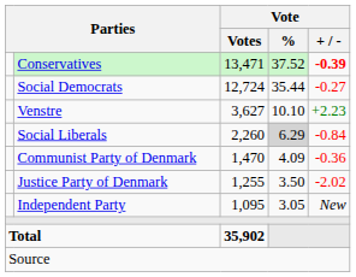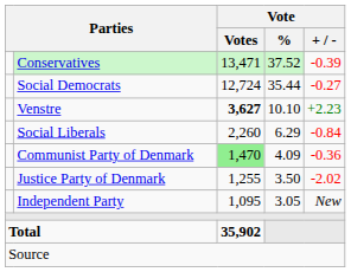 <table class="wikitable" style="text-align:right;">
 <tr>
 <th style="text-align:centre;" rowspan="2" colspan="2" width="225">Parties</th>
 <th colspan="3">Vote</th>
 </tr>
 <tr>
 <th width="15">Votes</th>
 <th width="15">%</th>
 <th width="15">+ / -</th>
 </tr>
 <tr>
 <td width="2" style="color:inherit;background:"></td>
 <td bgcolor=#ccf7cc  align="left"><a href='#'>Conservatives</a></td>
 <td bgcolor=#ccf7cc>13,471</td>
 <td bgcolor=#ccf7cc>37.52</td>
-<td style=color:red;><strong>-0.39</strong></td>
+<td style=color:red;>-0.39</td>
 </tr>
 <tr>
 <td width="2" style="color:inherit;background:"></td>
 <td align="left"><a href='#'>Social Democrats</a></td>
 <td>12,724</td>
 <td>35.44</td>
 <td style=color:red;>-0.27</td>
 </tr>
 <tr>
 <td width="2" style="color:inherit;background:"></td>
 <td align="left"><a href='#'>Venstre</a></td>
-<td>3,627</td>
+<td><strong>3,627</strong></td>
 <td>10.10</td>
 <td style=color:green;>+2.23</td>
 </tr>
 <tr>
 <td width="2" style="color:inherit;background:"></td>
 <td align="left"><a href='#'>Social Liberals</a></td>
 <td>2,260</td>
-<td style="background: lightgrey;">6.29</td>
+<td>6.29</td>
 <td style=color:red;>-0.84</td>
 </tr>
 <tr>
 <td width="2" style="color:inherit;background:"></td>
 <td align="left"><a href='#'>Communist Party of Denmark</a></td>
-<td>1,470</td>
+<td style="background: lightgreen;">1,470</td>
 <td>4.09</td>
 <td style=color:red;>-0.36</td>
 </tr>
 <tr>
 <td width="2" style="color:inherit;background:"></td>
 <td align="left"><a href='#'>Justice Party of Denmark</a></td>
 <td>1,255</td>
 <td>3.50</td>
 <td style=color:red;>-2.02</td>
 </tr>
 <tr>
 <td width="2" style="color:inherit;background:"></td>
 <td align="left"><a href='#'>Independent Party</a></td>
 <td>1,095</td>
 <td>3.05</td>
 <td><em>New</em></td>
 </tr>
 <tr>
 <td colspan="7" bgcolor="#E9E9E9"></td>
 </tr>
 <tr>
 <td align="left" colspan="2"><strong>Total</strong></td>
 <td><strong>35,902</strong></td>
 <td bgcolor="#E9E9E9" colspan="2"></td>
 </tr>
 <tr>
 <td align="left" colspan="6">Source</td>
 </tr>
 </table>
